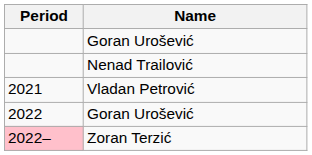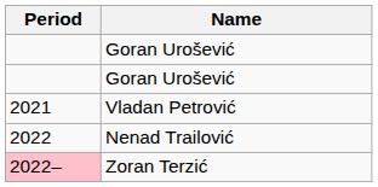 <table class="wikitable">
 <tr>
 <th width="75">Period</th>
 <th width="225">Name</th>
 </tr>
 <tr>
 <td></td>
 <td> Goran Urošević</td>
 </tr>
 <tr>
 <td></td>
-<td> Nenad Trailović</td>
+<td> Goran Urošević</td>
 </tr>
 <tr>
 <td>2021</td>
 <td> Vladan Petrović</td>
 </tr>
 <tr>
 <td>2022</td>
-<td> Goran Urošević</td>
+<td> Nenad Trailović</td>
 </tr>
 <tr>
 <td style="background: pink;">2022–</td>
 <td> Zoran Terzić</td>
 </tr>
 </table>
